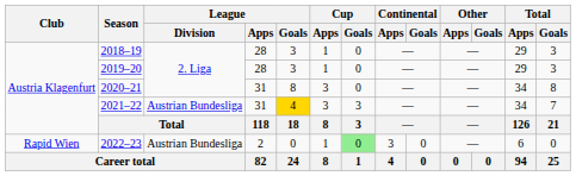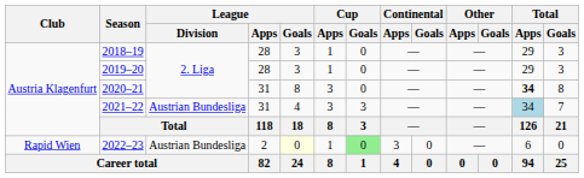 <table class="wikitable" style="text-align:center">
 <tr>
 <th rowspan="2">Club</th>
 <th rowspan="2">Season</th>
 <th colspan="3">League</th>
 <th colspan="2">Cup</th>
 <th colspan="2">Continental</th>
 <th colspan="2">Other</th>
 <th colspan="2">Total</th>
 </tr>
 <tr>
 <th>Division</th>
 <th>Apps</th>
 <th>Goals</th>
 <th>Apps</th>
 <th>Goals</th>
 <th>Apps</th>
 <th>Goals</th>
 <th>Apps</th>
 <th>Goals</th>
 <th>Apps</th>
 <th>Goals</th>
 </tr>
 <tr>
 <td rowspan="5"><a href='#'>Austria Klagenfurt</a></td>
 <td><a href='#'>2018–19</a></td>
 <td rowspan="3"><a href='#'>2. Liga</a></td>
 <td>28</td>
 <td>3</td>
 <td>1</td>
 <td>0</td>
 <td colspan="2">—</td>
 <td colspan="2">—</td>
 <td>29</td>
 <td>3</td>
 </tr>
 <tr>
 <td><a href='#'>2019–20</a></td>
 <td>28</td>
 <td>3</td>
 <td>1</td>
 <td>0</td>
 <td colspan="2">—</td>
 <td colspan="2">—</td>
 <td>29</td>
 <td>3</td>
 </tr>
 <tr>
 <td><a href='#'>2020–21</a></td>
 <td>31</td>
 <td>8</td>
 <td>3</td>
 <td>0</td>
 <td colspan="2">—</td>
 <td colspan="2">—</td>
-<td>34</td>
+<td><strong>34</strong></td>
 <td>8</td>
 </tr>
 <tr>
 <td><a href='#'>2021–22</a></td>
 <td><a href='#'>Austrian Bundesliga</a></td>
 <td>31</td>
-<td style="background: gold;">4</td>
+<td>4</td>
 <td>3</td>
 <td>3</td>
 <td colspan="2">—</td>
 <td colspan="2">—</td>
-<td>34</td>
+<td style="background: lightblue;">34</td>
 <td>7</td>
 </tr>
 <tr>
 <th colspan="2">Total</th>
 <th>118</th>
 <th>18</th>
 <th>8</th>
 <th>3</th>
 <th colspan="2">—</th>
 <th colspan="2">—</th>
 <th>126</th>
 <th>21</th>
 </tr>
 <tr>
 <td><a href='#'>Rapid Wien</a></td>
 <td><a href='#'>2022–23</a></td>
 <td>Austrian Bundesliga</td>
 <td>2</td>
-<td>0</td>
+<td style="background: lightyellow;">0</td>
 <td>1</td>
 <td style="background: lightgreen;">0</td>
 <td>3</td>
 <td>0</td>
 <td colspan="2">—</td>
 <td>6</td>
 <td>0</td>
 </tr>
 <tr>
 <th colspan="3">Career total</th>
 <th>82</th>
 <th>24</th>
 <th>8</th>
 <th>1</th>
 <th>4</th>
 <th>0</th>
 <th>0</th>
 <th>0</th>
 <th>94</th>
 <th>25</th>
 </tr>
 </table>
